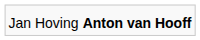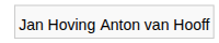 <table style="float:right; clear:right; margin:10px; border:1px #ccc solid; background:#f9f9f9;">
 <tr>
 <td align=middle></td>
 <td align=middle></td>
 </tr>
 <tr>
 <td align=middle><small>Jan Hoving</small></td>
-<td align=middle><strong><small>Anton van Hooff</small></strong></td>
+<td align=middle><small>Anton van Hooff</small></td>
 </tr>
 </table>
